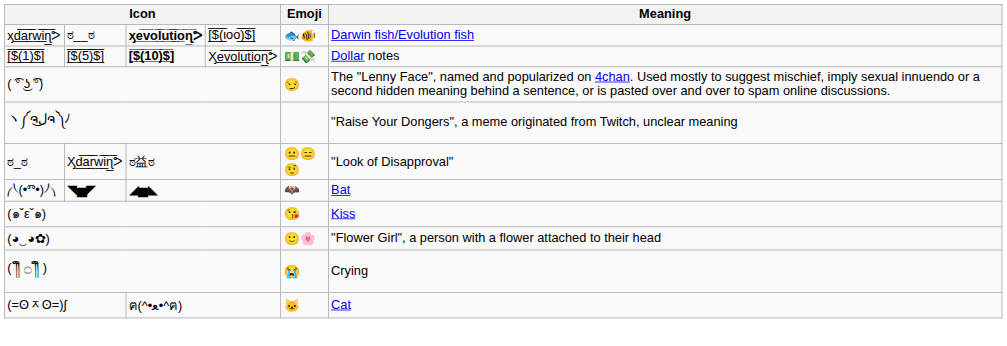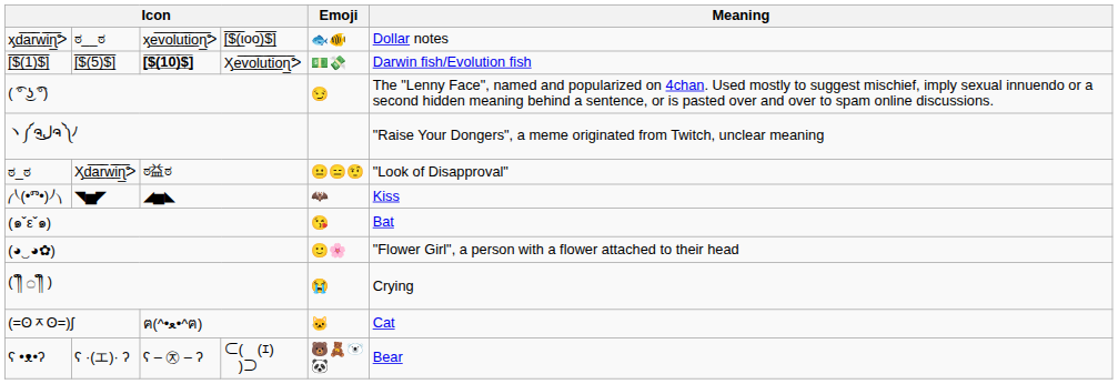 <table class="wikitable">
 <tr>
 <th colspan=4>Icon</th>
 <th>Emoji</th>
 <th>Meaning</th>
 </tr>
 <tr id="Darwin fish">
 <td>ӽd̲̅a̲̅r̲̅w̲̅i̲̅ɳ̲̅ᕗ</td>
 <td>ಠ__ಠ</td>
-<td><strong>ӽe̲̅v̲̅o̲̅l̲̅u̲̅t̲̅i̲̅o̲̅ɳ̲̅ᕗ</strong></td>
+<td>ӽe̲̅v̲̅o̲̅l̲̅u̲̅t̲̅i̲̅o̲̅ɳ̲̅ᕗ</td>
 <td>[̲̅$̲̅(̲̅ιοο̲̅)̲̅$̲̅]</td>
 <td>🐟🐠</td>
-<td><a href='#'>Darwin fish/Evolution fish</a></td>
+<td><a href='#'>Dollar</a> notes</td>
 </tr>
 <tr>
 <td>[̲̅$̲̅(̲̅1̲̅)̲̅$̲̅]</td>
 <td>[̲̅$̲̅(̲̅5̲̅)̲̅$̲̅]</td>
 <td><strong>[̲̅$̲̅(̲̅1̲̅0̲̅)̲̅$̲̅]</strong></td>
 <td>Ӽe̲̅v̲̅o̲̅l̲̅u̲̅t̲̅i̲̅o̲̅ɳ̲̅ᕗ</td>
 <td>💵💸</td>
-<td><a href='#'>Dollar</a> notes</td>
+<td><a href='#'>Darwin fish/Evolution fish</a></td>
 </tr>
 <tr id="Lenny Face">
 <td colspan=4>( ͡° ͜ʖ ͡°)</td>
 <td>😏</td>
 <td id="Lenny face">The "Lenny Face", named and popularized on <a href='#'>4chan</a>. Used mostly to suggest mischief, imply sexual innuendo or a second hidden meaning behind a sentence, or is pasted over and over to spam online discussions.</td>
 </tr>
 <tr>
 <td colspan="4">ヽ༼ຈل͜ຈ༽ﾉ</td>
 <td></td>
 <td>"Raise Your Dongers", a meme originated from Twitch, unclear meaning</td>
 </tr>
 <tr id="Look of Disapproval">
 <td>ಠ_ಠ</td>
 <td>Ӽd̲̅a̲̅r̲̅w̲̅i̲̅ɳ̲̅ᕗ</td>
 <td colspan="2">ಠ益ಠ</td>
 <td>😐😑🤨</td>
 <td>"Look of Disapproval"</td>
 </tr>
 <tr>
 <td>⎛⎝(•ⱅ•)⎠⎞</td>
 <td>◥▅◤</td>
 <td colspan="2">◢▅◣</td>
 <td>🦇</td>
-<td><a href='#'>Bat</a></td>
+<td><a href='#'>Kiss</a></td>
 </tr>
 <tr>
 <td colspan="4">(๑ˇεˇ๑)</td>
 <td>😘</td>
-<td><a href='#'>Kiss</a></td>
+<td><a href='#'>Bat</a></td>
 </tr>
 <tr>
 <td colspan="4">(◕‿◕✿)</td>
 <td>🙂🌸</td>
 <td>"Flower Girl", a person with a flower attached to their head</td>
 </tr>
 <tr>
 <td colspan="4">( ༎ຶ ۝ ༎ຶ )</td>
 <td>😭</td>
 <td>Crying</td>
 </tr>
 <tr>
 <td colspan="2">(=ʘᆽʘ=)∫</td>
 <td colspan="2">ฅ(^•ﻌ•^ฅ)</td>
 <td>🐱</td>
 <td><a href='#'>Cat</a></td>
 </tr>
+<tr>
+<td>ʕ •ᴥ•ʔ</td>
+<td>ʕ ·(エ)· ʔ</td>
+<td>ʕ – ㉨ – ʔ</td>
+<td>⊂(￣(ｴ)￣)⊃</td>
+<td>🐻🧸🐻‍❄️🐼</td>
+<td><a href='#'>Bear</a></td>
+</tr>
 </table>
